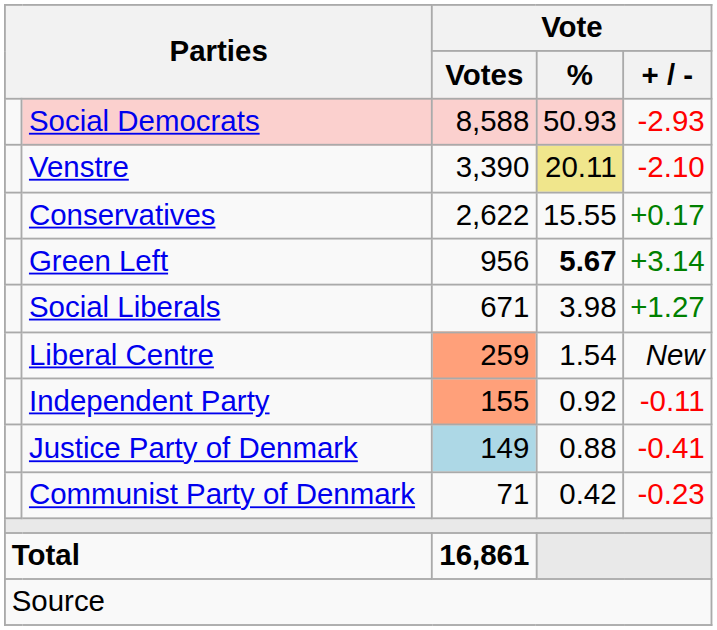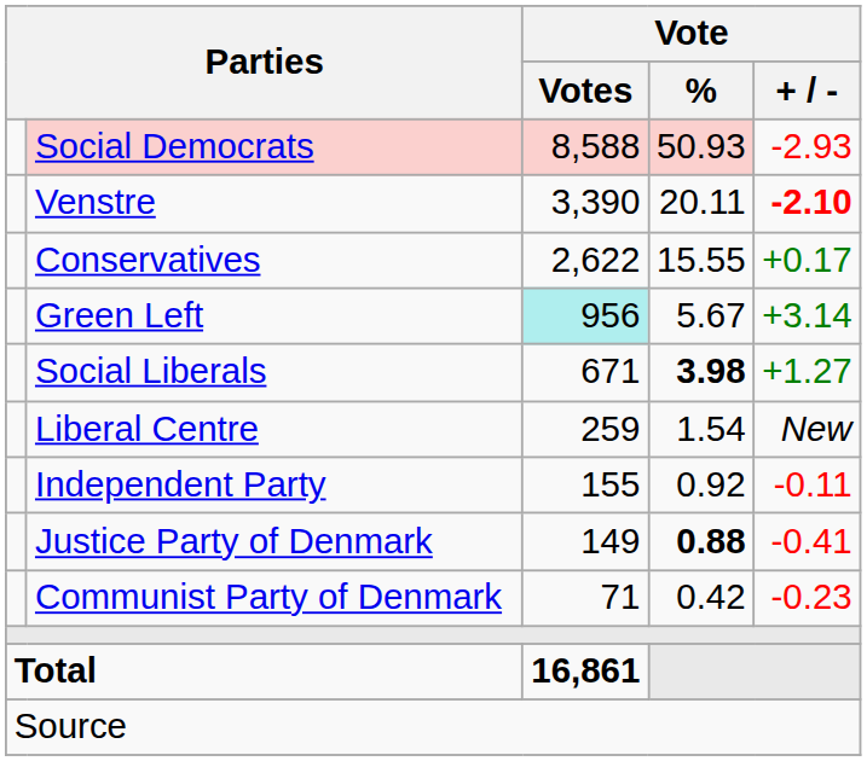 <table class="wikitable" style="text-align:right;">
 <tr>
 <th style="text-align:centre;" rowspan="2" colspan="2" width="225">Parties</th>
 <th colspan="3">Vote</th>
 </tr>
 <tr>
 <th width="15">Votes</th>
 <th width="15">%</th>
 <th width="15">+ / -</th>
 </tr>
 <tr>
 <td width="2" style="color:inherit;background:"></td>
 <td bgcolor=#fbd0ce  align="left"><a href='#'>Social Democrats</a></td>
 <td bgcolor=#fbd0ce>8,588</td>
 <td bgcolor=#fbd0ce>50.93</td>
 <td style=color:red;>-2.93</td>
 </tr>
 <tr>
 <td width="2" style="color:inherit;background:"></td>
 <td align="left"><a href='#'>Venstre</a></td>
 <td>3,390</td>
-<td style="background: khaki;">20.11</td>
-<td style=color:red;>-2.10</td>
+<td>20.11</td>
+<td style=color:red;><strong>-2.10</strong></td>
 </tr>
 <tr>
 <td width="2" style="color:inherit;background:"></td>
 <td align="left"><a href='#'>Conservatives</a></td>
 <td>2,622</td>
 <td>15.55</td>
 <td style=color:green;>+0.17</td>
 </tr>
 <tr>
 <td width="2" style="color:inherit;background:"></td>
 <td align="left"><a href='#'>Green Left</a></td>
-<td>956</td>
-<td><strong>5.67</strong></td>
+<td style="background: paleturquoise;">956</td>
+<td>5.67</td>
 <td style=color:green;>+3.14</td>
 </tr>
 <tr>
 <td width="2" style="color:inherit;background:"></td>
 <td align="left"><a href='#'>Social Liberals</a></td>
 <td>671</td>
-<td>3.98</td>
+<td><strong>3.98</strong></td>
 <td style=color:green;>+1.27</td>
 </tr>
 <tr>
 <td width="2" style="color:inherit;background:"></td>
 <td align="left"><a href='#'>Liberal Centre</a></td>
-<td style="background: lightsalmon;">259</td>
+<td>259</td>
 <td>1.54</td>
 <td><em>New</em></td>
 </tr>
 <tr>
 <td width="2" style="color:inherit;background:"></td>
 <td align="left"><a href='#'>Independent Party</a></td>
-<td style="background: lightsalmon;">155</td>
+<td>155</td>
 <td>0.92</td>
 <td style=color:red;>-0.11</td>
 </tr>
 <tr>
 <td width="2" style="color:inherit;background:"></td>
 <td align="left"><a href='#'>Justice Party of Denmark</a></td>
-<td style="background: lightblue;">149</td>
-<td>0.88</td>
+<td>149</td>
+<td><strong>0.88</strong></td>
 <td style=color:red;>-0.41</td>
 </tr>
 <tr>
 <td width="2" style="color:inherit;background:"></td>
 <td align="left"><a href='#'>Communist Party of Denmark</a></td>
 <td>71</td>
 <td>0.42</td>
 <td style=color:red;>-0.23</td>
 </tr>
 <tr>
 <td colspan="7" bgcolor="#E9E9E9"></td>
 </tr>
 <tr>
 <td align="left" colspan="2"><strong>Total</strong></td>
 <td><strong>16,861</strong></td>
 <td bgcolor="#E9E9E9" colspan="2"></td>
 </tr>
 <tr>
 <td align="left" colspan="6">Source</td>
 </tr>
 </table>
